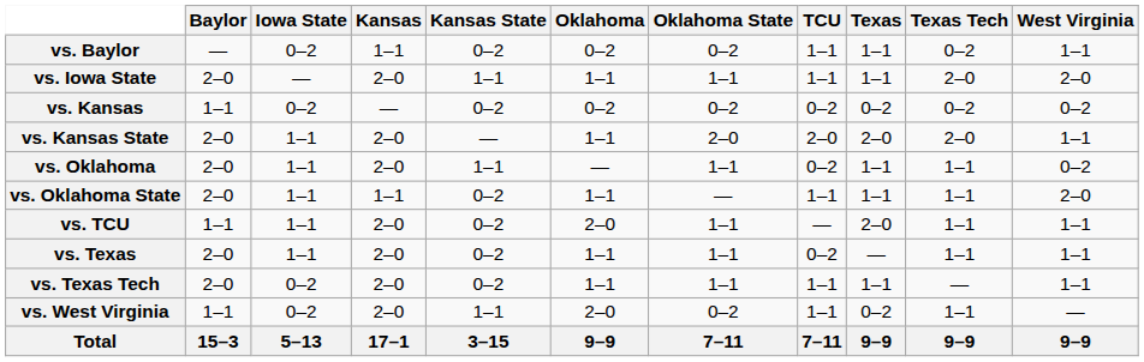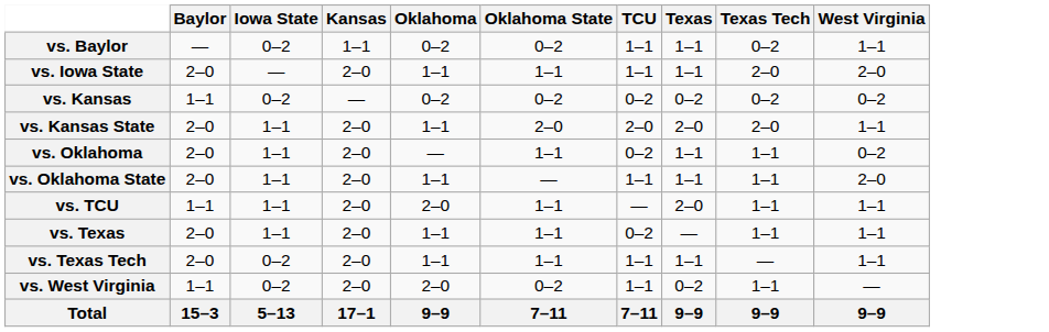 <table class="wikitable" style="white-space:nowrap;font-size:90%;">
 <tr>
 <th colspan=1 style="background:white; border-top-style:hidden; border-left-style:hidden;"   width=75> </th>
 <th>Baylor</th>
 <th>Iowa State</th>
 <th>Kansas</th>
-<th>Kansas State</th>
 <th>Oklahoma</th>
 <th>Oklahoma State</th>
 <th>TCU</th>
 <th>Texas</th>
 <th>Texas Tech</th>
 <th>West Virginia</th>
 </tr>
 <tr style="text-align:center;">
 <th>vs. Baylor</th>
 <td>—</td>
 <td>0–2</td>
 <td>1–1</td>
 <td>0–2</td>
 <td>0–2</td>
-<td>0–2</td>
 <td>1–1</td>
 <td>1–1</td>
 <td>0–2</td>
 <td>1–1</td>
 </tr>
 <tr style="text-align:center;">
 <th>vs. Iowa State</th>
 <td>2–0</td>
 <td>—</td>
 <td>2–0</td>
-<td>1–1</td>
 <td>1–1</td>
 <td>1–1</td>
 <td>1–1</td>
 <td>1–1</td>
 <td>2–0</td>
 <td>2–0</td>
 </tr>
 <tr style="text-align:center;">
 <th>vs. Kansas</th>
 <td>1–1</td>
 <td>0–2</td>
 <td>—</td>
 <td>0–2</td>
 <td>0–2</td>
 <td>0–2</td>
 <td>0–2</td>
 <td>0–2</td>
 <td>0–2</td>
-<td>0–2</td>
 </tr>
 <tr style="text-align:center;">
 <th>vs. Kansas State</th>
 <td>2–0</td>
 <td>1–1</td>
 <td>2–0</td>
-<td>—</td>
 <td>1–1</td>
 <td>2–0</td>
 <td>2–0</td>
 <td>2–0</td>
 <td>2–0</td>
 <td>1–1</td>
 </tr>
 <tr style="text-align:center;">
 <th>vs. Oklahoma</th>
 <td>2–0</td>
 <td>1–1</td>
 <td>2–0</td>
-<td>1–1</td>
 <td>—</td>
 <td>1–1</td>
 <td>0–2</td>
 <td>1–1</td>
 <td>1–1</td>
 <td>0–2</td>
 </tr>
 <tr style="text-align:center;">
 <th>vs. Oklahoma State</th>
 <td>2–0</td>
 <td>1–1</td>
-<td>1–1</td>
-<td>0–2</td>
+<td>2–0</td>
 <td>1–1</td>
 <td>—</td>
 <td>1–1</td>
 <td>1–1</td>
 <td>1–1</td>
 <td>2–0</td>
 </tr>
 <tr style="text-align:center;">
 <th>vs. TCU</th>
 <td>1–1</td>
 <td>1–1</td>
 <td>2–0</td>
-<td>0–2</td>
 <td>2–0</td>
 <td>1–1</td>
 <td>—</td>
 <td>2–0</td>
 <td>1–1</td>
 <td>1–1</td>
 </tr>
 <tr style="text-align:center;">
 <th>vs. Texas</th>
 <td>2–0</td>
 <td>1–1</td>
 <td>2–0</td>
-<td>0–2</td>
 <td>1–1</td>
 <td>1–1</td>
 <td>0–2</td>
 <td>—</td>
 <td>1–1</td>
 <td>1–1</td>
 </tr>
 <tr style="text-align:center;">
 <th>vs. Texas Tech</th>
 <td>2–0</td>
 <td>0–2</td>
 <td>2–0</td>
-<td>0–2</td>
 <td>1–1</td>
 <td>1–1</td>
 <td>1–1</td>
 <td>1–1</td>
 <td>—</td>
 <td>1–1</td>
 </tr>
 <tr style="text-align:center;">
 <th>vs. West Virginia</th>
 <td>1–1</td>
 <td>0–2</td>
 <td>2–0</td>
-<td>1–1</td>
 <td>2–0</td>
 <td>0–2</td>
 <td>1–1</td>
 <td>0–2</td>
 <td>1–1</td>
 <td>—<br></td>
 </tr>
 <tr style="text-align:center;">
 <th>Total</th>
 <th>15–3</th>
 <th>5–13</th>
 <th>17–1</th>
-<th>3–15</th>
 <th>9–9</th>
 <th>7–11</th>
 <th>7–11</th>
 <th>9–9</th>
 <th>9–9</th>
 <th>9–9</th>
 </tr>
 </table>
